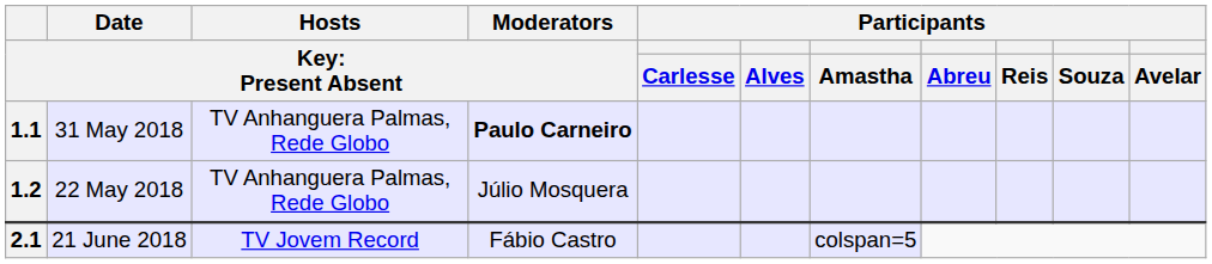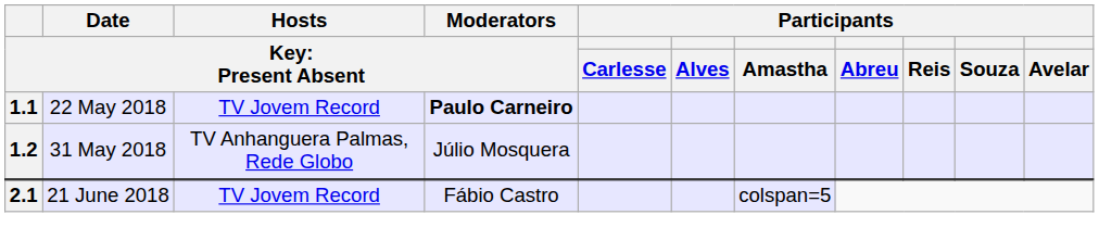 <table class=wikitable style=text-align:center>
 <tr>
 <th></th>
 <th>Date</th>
 <th>Hosts</th>
 <th>Moderators</th>
 <th colspan=9 scope=col>Participants</th>
 </tr>
 <tr>
 <th colspan=4 rowspan=2>Key:<br> Present  Absent</th>
 <th scope=col style=background:><a href='#'></a></th>
 <th scope=col style=background:><a href='#'></a></th>
 <th scope=col style=background:><a href='#'></a></th>
 <th scope=col style=background:><a href='#'></a></th>
 <th scope=col style=background:><a href='#'></a></th>
 <th scope=col style=background:><a href='#'></a></th>
 <th scope=col style=background:><a href='#'></a></th>
 </tr>
 <tr>
 <th><a href='#'>Carlesse</a></th>
 <th><a href='#'>Alves</a></th>
 <th>Amastha</th>
 <th><a href='#'>Abreu</a></th>
 <th>Reis</th>
 <th>Souza</th>
 <th>Avelar</th>
 </tr>
 <tr style=background:#e7e7ff>
 <th scope=row style=text-align:center>1.1</th>
-<td style=max-width:12em>31 May 2018</td>
-<td style=max-width:12em>TV Anhanguera Palmas, <a href='#'>Rede Globo</a></td>
+<td style=max-width:12em>22 May 2018</td>
+<td style=max-width:12em><a href='#'>TV Jovem Record</a></td>
 <td style=max-width:12em><strong>Paulo Carneiro</strong></td>
 <td></td>
 <td></td>
 <td></td>
 <td></td>
 <td></td>
 <td></td>
 <td></td>
 </tr>
 <tr style=background:#e7e7ff>
 <th scope=row style=text-align:center>1.2</th>
-<td style=max-width:12em>22 May 2018</td>
+<td style=max-width:12em>31 May 2018</td>
 <td style=max-width:12em>TV Anhanguera Palmas, <a href='#'>Rede Globo</a></td>
 <td style=max-width:12em>Júlio Mosquera</td>
 <td></td>
 <td></td>
 <td></td>
 <td></td>
 <td></td>
 <td></td>
 <td></td>
 </tr>
 <tr style="background:#e7e7ff; border-top: 2px solid #333333">
 <th scope=row style=text-align:center>2.1</th>
 <td style=max-width:12em>21 June 2018</td>
 <td style=max-width:12em><a href='#'>TV Jovem Record</a></td>
 <td style=max-width:12em>Fábio Castro</td>
 <td></td>
 <td></td>
 <td>colspan=5 </td>
 </tr>
 </table>
